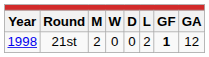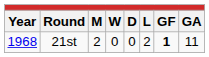 <table class="wikitable" style="text-align:center">
 <tr>
 <th colspan=9 style="background: #D22B2B; color: #FFFFFF;"><a href='#'></a></th>
 </tr>
 <tr>
 <th>Year</th>
 <th>Round</th>
 <th>M</th>
 <th>W</th>
 <th>D</th>
 <th>L</th>
 <th>GF</th>
 <th>GA</th>
 </tr>
 <tr>
-<td> <a href='#'>1998</a></td>
+<td> <a href='#'>1968</a></td>
 <td>21st</td>
 <td>2</td>
 <td>0</td>
 <td>0</td>
 <td>2</td>
 <td><strong>1</strong></td>
-<td>12</td>
+<td>11</td>
 </tr>
 </table>
